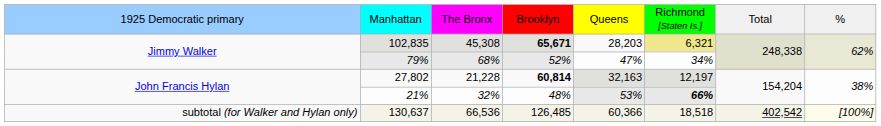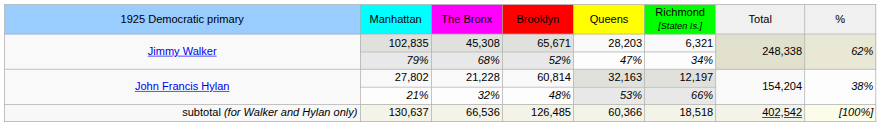 <table class="wikitable" style="width:100%; text-align:right;">
 <tr style="text-align:center;">
 <td style="width:40%; background:#9cf;">1925 Democratic primary</td>
 <td style="width:8%; background:aqua;">Manhattan</td>
 <td style="width:8%; background:magenta;">The Bronx</td>
 <td style="width:8%; background:red;">Brooklyn</td>
 <td style="width:8%; background:yellow;">Queens</td>
 <td style="width:8%; background:lime;">Richmond <small><em>[Staten Is.]</em></small></td>
 <td style="width:10%; background:#f0f0f0;">Total</td>
 <td style="width:8%; background:#f0f0f0;">%</td>
 </tr>
 <tr>
 <td style="text-align:center;" rowspan="2"><a href='#'>Jimmy Walker</a></td>
 <td style="background:#e0e0dd;">102,835</td>
 <td style="background:#e0e0dd;">45,308</td>
-<td style="background:#e0e0dd;"><strong>65,671</strong></td>
+<td style="background:#e0e0dd;">65,671</td>
 <td>28,203</td>
-<td style="background: khaki;">6,321</td>
+<td>6,321</td>
 <td rowspan="2" style="background:#e0e0cc;">248,338</td>
 <td rowspan="2" style="background:#e8e8d5;"><em>62%</em></td>
 </tr>
 <tr style="background:#e8e8e8;">
 <td><em>79%</em></td>
 <td><em>68%</em></td>
 <td><em>52%</em></td>
 <td bgcolor=fdfdfd><em>47%</em></td>
 <td bgcolor=fdfdfd><em>34%</em></td>
 </tr>
 <tr>
 <td style="text-align:center;" rowspan="2"><a href='#'>John Francis Hylan</a></td>
 <td>27,802</td>
 <td>21,228</td>
-<td><strong>60,814</strong></td>
+<td>60,814</td>
 <td style="background:#e0e0dd;">32,163</td>
 <td style="background:#e0e0dd;">12,197</td>
 <td rowspan="2">154,204</td>
 <td rowspan="2" style="background:#fdfdfd;"><em>38%</em></td>
 </tr>
 <tr style="background:#fdfdfd;">
 <td><em>21%</em></td>
 <td><em>32%</em></td>
 <td><em>48%</em></td>
 <td style="background:#e8e8e8;"><em>53%</em></td>
-<td style="background:#e8e8e8;"><strong><em>66%</em></strong></td>
+<td style="background:#e8e8e8;"><em>66%</em></td>
 </tr>
 <tr style="background:#f3f3e8;">
 <td style="background:#f8f8f8;">subtotal <em>(for Walker and Hylan only)</em></td>
 <td>130,637</td>
 <td>66,536</td>
 <td>126,485</td>
 <td>60,366</td>
 <td>18,518</td>
 <td><u>402,542</u></td>
 <td style="background:#fcfcea;"><em>[100%]</em></td>
 </tr>
 </table>
